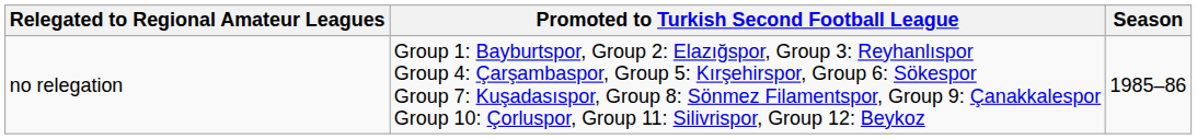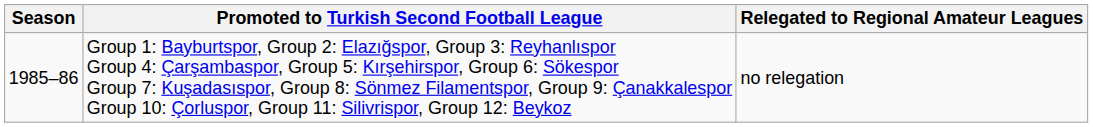 <table class="wikitable">
 <tr>
+<th>Season</th>
+<th>Promoted to <a href='#'>Turkish Second Football League</a></th>
 <th>Relegated to Regional Amateur Leagues</th>
-<th>Promoted to <a href='#'>Turkish Second Football League</a></th>
-<th>Season</th>
 </tr>
 <tr>
+<td>1985–86</td>
+<td>Group 1: <a href='#'>Bayburtspor</a>, Group 2: <a href='#'>Elazığspor</a>, Group 3: <a href='#'>Reyhanlıspor</a><br>Group 4: <a href='#'>Çarşambaspor</a>, Group 5: <a href='#'>Kırşehirspor</a>, Group 6: <a href='#'>Sökespor</a><br>Group 7: <a href='#'>Kuşadasıspor</a>, Group 8: <a href='#'>Sönmez Filamentspor</a>, Group 9: <a href='#'>Çanakkalespor</a><br>Group 10: <a href='#'>Çorluspor</a>, Group 11: <a href='#'>Silivrispor</a>, Group 12: <a href='#'>Beykoz</a></td>
 <td>no relegation</td>
-<td>Group 1: <a href='#'>Bayburtspor</a>, Group 2: <a href='#'>Elazığspor</a>, Group 3: <a href='#'>Reyhanlıspor</a><br>Group 4: <a href='#'>Çarşambaspor</a>, Group 5: <a href='#'>Kırşehirspor</a>, Group 6: <a href='#'>Sökespor</a><br>Group 7: <a href='#'>Kuşadasıspor</a>, Group 8: <a href='#'>Sönmez Filamentspor</a>, Group 9: <a href='#'>Çanakkalespor</a><br>Group 10: <a href='#'>Çorluspor</a>, Group 11: <a href='#'>Silivrispor</a>, Group 12: <a href='#'>Beykoz</a></td>
-<td>1985–86</td>
 </tr>
 </table>
